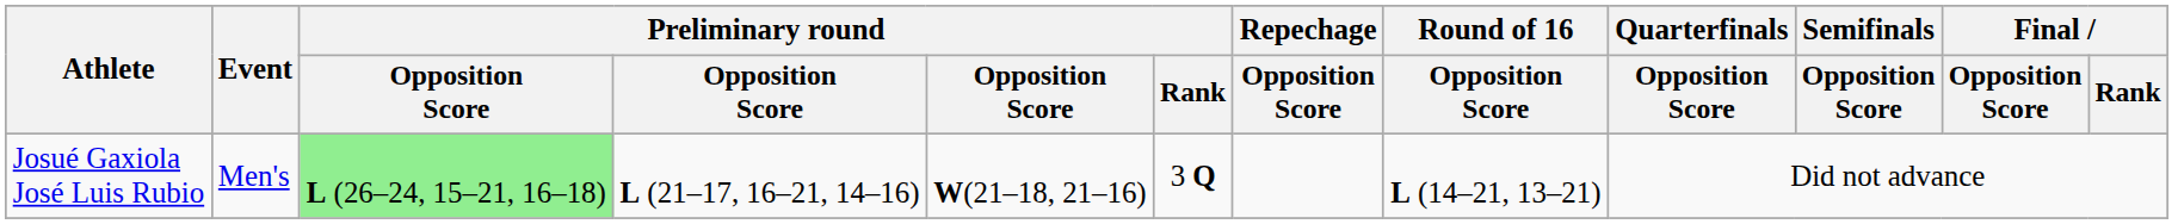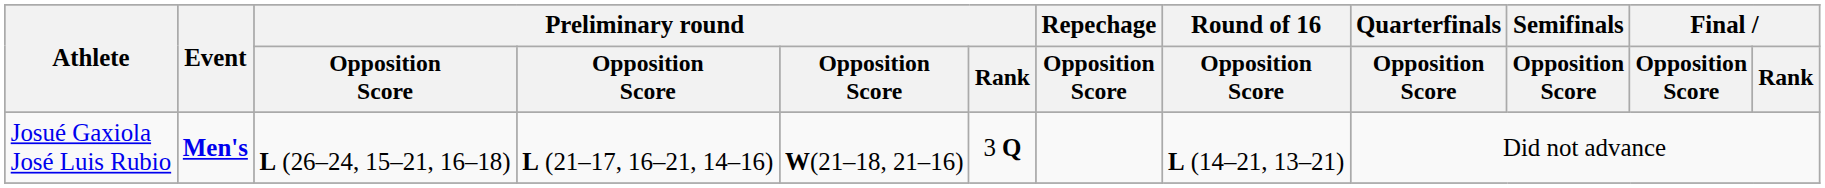 <table class=wikitable style="font-size:90%">
 <tr>
 <th rowspan=2>Athlete</th>
 <th rowspan=2>Event</th>
 <th colspan=4>Preliminary round</th>
 <th>Repechage</th>
 <th>Round of 16</th>
 <th>Quarterfinals</th>
 <th>Semifinals</th>
 <th colspan=2>Final / </th>
 </tr>
 <tr style=font-size:95%>
 <th>Opposition<br>Score</th>
 <th>Opposition<br>Score</th>
 <th>Opposition<br>Score</th>
 <th>Rank</th>
 <th>Opposition<br>Score</th>
 <th>Opposition<br>Score</th>
 <th>Opposition<br>Score</th>
 <th>Opposition<br>Score</th>
 <th>Opposition<br>Score</th>
 <th>Rank</th>
 </tr>
 <tr align=center>
 <td align=left><a href='#'>Josué Gaxiola</a><br><a href='#'>José Luis Rubio</a></td>
-<td align=left><a href='#'>Men's</a></td>
-<td style="background: lightgreen;"><br><strong>L</strong> (26–24, 15–21, 16–18)</td>
+<td align=left><strong><a href='#'>Men's</a></strong></td>
+<td><br><strong>L</strong> (26–24, 15–21, 16–18)</td>
 <td><br><strong>L</strong> (21–17, 16–21, 14–16)</td>
 <td><br><strong>W</strong>(21–18, 21–16)</td>
 <td>3 <strong>Q</strong></td>
 <td></td>
 <td><br><strong>L</strong> (14–21, 13–21)</td>
 <td colspan=4>Did not advance</td>
 </tr>
 </table>
